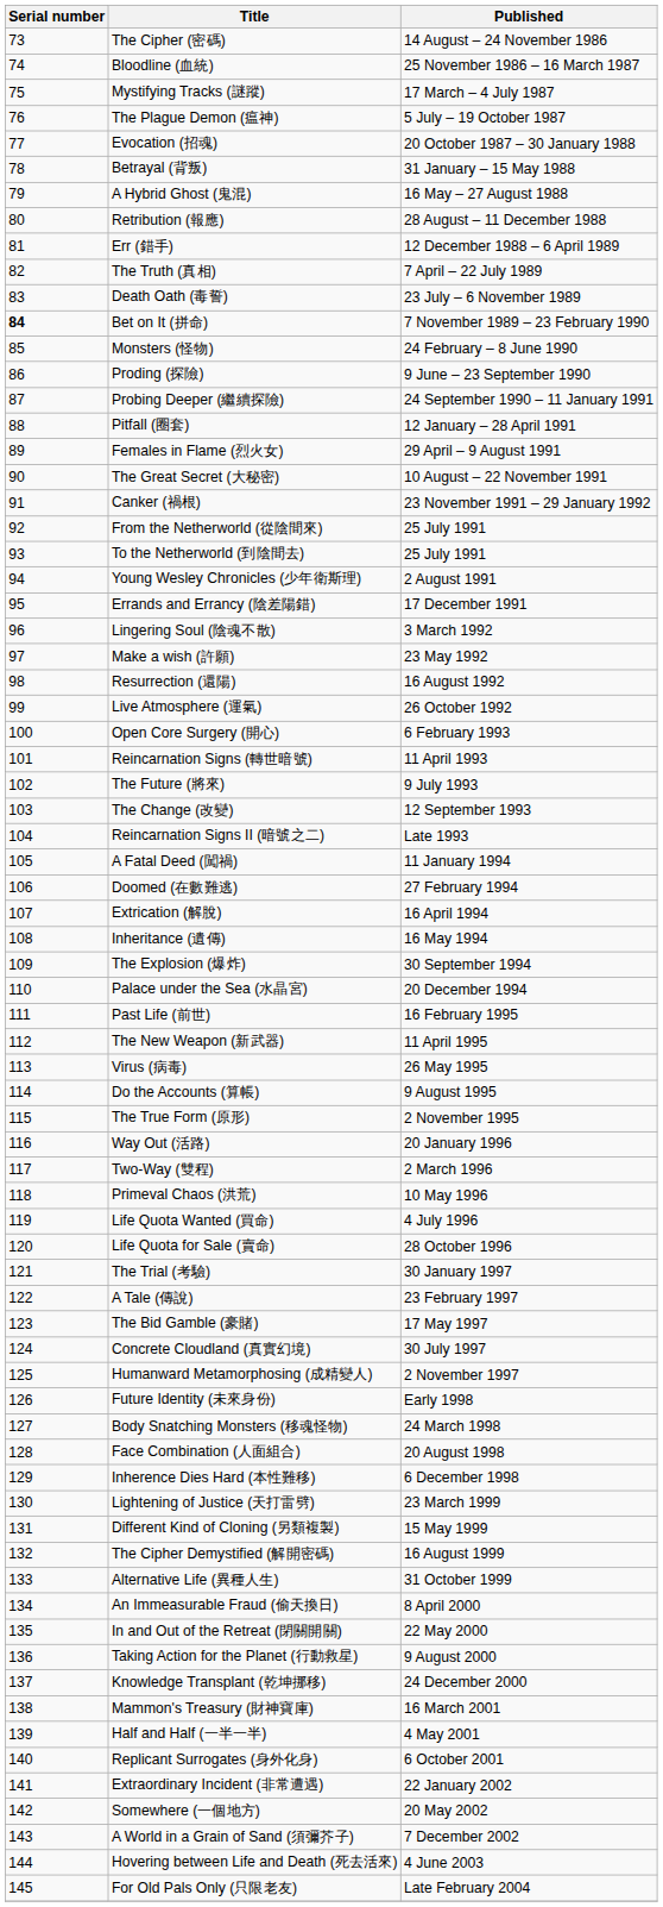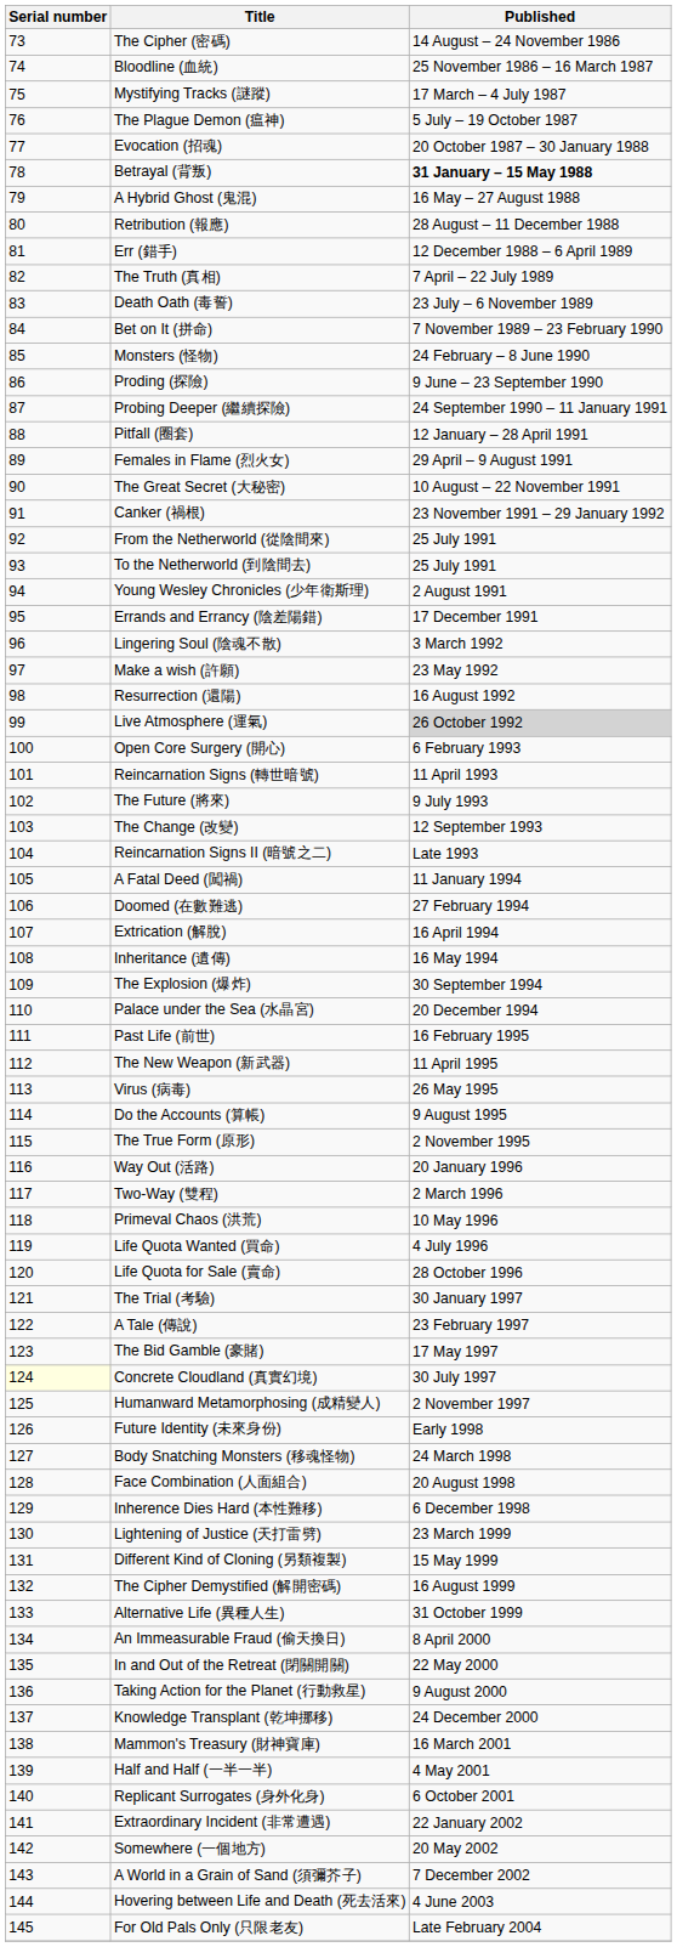 <table class="wikitable">
 <tr>
 <th>Serial number</th>
 <th>Title</th>
 <th>Published</th>
 </tr>
 <tr>
 <td>73</td>
 <td>The Cipher (密碼)</td>
 <td>14 August – 24 November 1986</td>
 </tr>
 <tr>
 <td>74</td>
 <td>Bloodline (血統)</td>
 <td>25 November 1986 – 16 March 1987</td>
 </tr>
 <tr>
 <td>75</td>
 <td>Mystifying Tracks (謎蹤)</td>
 <td>17 March – 4 July 1987</td>
 </tr>
 <tr>
 <td>76</td>
 <td>The Plague Demon (瘟神)</td>
 <td>5 July – 19 October 1987</td>
 </tr>
 <tr>
 <td>77</td>
 <td>Evocation (招魂)</td>
 <td>20 October 1987 – 30 January 1988</td>
 </tr>
 <tr>
 <td>78</td>
 <td>Betrayal (背叛)</td>
-<td>31 January – 15 May 1988</td>
+<td><strong>31 January – 15 May 1988</strong></td>
 </tr>
 <tr>
 <td>79</td>
 <td>A Hybrid Ghost (鬼混)</td>
 <td>16 May – 27 August 1988</td>
 </tr>
 <tr>
 <td>80</td>
 <td>Retribution (報應)</td>
 <td>28 August – 11 December 1988</td>
 </tr>
 <tr>
 <td>81</td>
 <td>Err (錯手)</td>
 <td>12 December 1988 – 6 April 1989</td>
 </tr>
 <tr>
 <td>82</td>
 <td>The Truth (真相)</td>
 <td>7 April – 22 July 1989</td>
 </tr>
 <tr>
 <td>83</td>
 <td>Death Oath (毒誓)</td>
 <td>23 July – 6 November 1989</td>
 </tr>
 <tr>
-<td><strong>84</strong></td>
+<td>84</td>
 <td>Bet on It (拼命)</td>
 <td>7 November 1989 – 23 February 1990</td>
 </tr>
 <tr>
 <td>85</td>
 <td>Monsters (怪物)</td>
 <td>24 February – 8 June 1990</td>
 </tr>
 <tr>
 <td>86</td>
 <td>Proding (探險)</td>
 <td>9 June – 23 September 1990</td>
 </tr>
 <tr>
 <td>87</td>
 <td>Probing Deeper (繼續探險)</td>
 <td>24 September 1990 – 11 January 1991</td>
 </tr>
 <tr>
 <td>88</td>
 <td>Pitfall (圈套)</td>
 <td>12 January – 28 April 1991</td>
 </tr>
 <tr>
 <td>89</td>
 <td>Females in Flame (烈火女)</td>
 <td>29 April – 9 August 1991</td>
 </tr>
 <tr>
 <td>90</td>
 <td>The Great Secret (大秘密)</td>
 <td>10 August – 22 November 1991</td>
 </tr>
 <tr>
 <td>91</td>
 <td>Canker (禍根)</td>
 <td>23 November 1991 – 29 January 1992</td>
 </tr>
 <tr>
 <td>92</td>
 <td>From the Netherworld (從陰間來)</td>
 <td>25 July 1991</td>
 </tr>
 <tr>
 <td>93</td>
 <td>To the Netherworld (到陰間去)</td>
 <td>25 July 1991</td>
 </tr>
 <tr>
 <td>94</td>
 <td>Young Wesley Chronicles (少年衛斯理)</td>
 <td>2 August 1991</td>
 </tr>
 <tr>
 <td>95</td>
 <td>Errands and Errancy (陰差陽錯)</td>
 <td>17 December 1991</td>
 </tr>
 <tr>
 <td>96</td>
 <td>Lingering Soul (陰魂不散)</td>
 <td>3 March 1992</td>
 </tr>
 <tr>
 <td>97</td>
 <td>Make a wish (許願)</td>
 <td>23 May 1992</td>
 </tr>
 <tr>
 <td>98</td>
 <td>Resurrection (還陽)</td>
 <td>16 August 1992</td>
 </tr>
 <tr>
 <td>99</td>
 <td>Live Atmosphere (運氣)</td>
-<td>26 October 1992</td>
+<td style="background: lightgrey;">26 October 1992</td>
 </tr>
 <tr>
 <td>100</td>
 <td>Open Core Surgery (開心)</td>
 <td>6 February 1993</td>
 </tr>
 <tr>
 <td>101</td>
 <td>Reincarnation Signs (轉世暗號)</td>
 <td>11 April 1993</td>
 </tr>
 <tr>
 <td>102</td>
 <td>The Future (將來)</td>
 <td>9 July 1993</td>
 </tr>
 <tr>
 <td>103</td>
 <td>The Change (改變)</td>
 <td>12 September 1993</td>
 </tr>
 <tr>
 <td>104</td>
 <td>Reincarnation Signs II (暗號之二)</td>
 <td>Late 1993</td>
 </tr>
 <tr>
 <td>105</td>
 <td>A Fatal Deed (闖禍)</td>
 <td>11 January 1994</td>
 </tr>
 <tr>
 <td>106</td>
 <td>Doomed  (在數難逃)</td>
 <td>27 February 1994</td>
 </tr>
 <tr>
 <td>107</td>
 <td>Extrication (解脫)</td>
 <td>16 April 1994</td>
 </tr>
 <tr>
 <td>108</td>
 <td>Inheritance (遺傳)</td>
 <td>16 May 1994</td>
 </tr>
 <tr>
 <td>109</td>
 <td>The Explosion (爆炸)</td>
 <td>30 September 1994</td>
 </tr>
 <tr>
 <td>110</td>
 <td>Palace under the Sea (水晶宮)</td>
 <td>20 December 1994</td>
 </tr>
 <tr>
 <td>111</td>
 <td>Past Life (前世)</td>
 <td>16 February 1995</td>
 </tr>
 <tr>
 <td>112</td>
 <td>The New Weapon  (新武器)</td>
 <td>11 April 1995</td>
 </tr>
 <tr>
 <td>113</td>
 <td>Virus (病毒)</td>
 <td>26 May 1995</td>
 </tr>
 <tr>
 <td>114</td>
 <td>Do the Accounts (算帳)</td>
 <td>9 August 1995</td>
 </tr>
 <tr>
 <td>115</td>
 <td>The True Form (原形)</td>
 <td>2 November 1995</td>
 </tr>
 <tr>
 <td>116</td>
 <td>Way Out (活路)</td>
 <td>20 January 1996</td>
 </tr>
 <tr>
 <td>117</td>
 <td>Two-Way (雙程)</td>
 <td>2 March 1996</td>
 </tr>
 <tr>
 <td>118</td>
 <td>Primeval Chaos (洪荒)</td>
 <td>10 May 1996</td>
 </tr>
 <tr>
 <td>119</td>
 <td>Life Quota Wanted (買命)</td>
 <td>4 July 1996</td>
 </tr>
 <tr>
 <td>120</td>
 <td>Life Quota for Sale (賣命)</td>
 <td>28 October 1996</td>
 </tr>
 <tr>
 <td>121</td>
 <td>The Trial (考驗)</td>
 <td>30 January 1997</td>
 </tr>
 <tr>
 <td>122</td>
 <td>A Tale (傳說)</td>
 <td>23 February 1997</td>
 </tr>
 <tr>
 <td>123</td>
 <td>The Bid Gamble (豪賭)</td>
 <td>17 May 1997</td>
 </tr>
 <tr>
-<td>124</td>
+<td style="background: lightyellow;">124</td>
 <td>Concrete Cloudland (真實幻境)</td>
 <td>30 July 1997</td>
 </tr>
 <tr>
 <td>125</td>
 <td>Humanward Metamorphosing (成精變人)</td>
 <td>2 November 1997</td>
 </tr>
 <tr>
 <td>126</td>
 <td>Future Identity (未來身份)</td>
 <td>Early 1998</td>
 </tr>
 <tr>
 <td>127</td>
 <td>Body Snatching Monsters (移魂怪物)</td>
 <td>24 March 1998</td>
 </tr>
 <tr>
 <td>128</td>
 <td>Face Combination (人面組合)</td>
 <td>20 August 1998</td>
 </tr>
 <tr>
 <td>129</td>
 <td>Inherence Dies Hard (本性難移)</td>
 <td>6 December 1998</td>
 </tr>
 <tr>
 <td>130</td>
 <td>Lightening of Justice (天打雷劈)</td>
 <td>23 March 1999</td>
 </tr>
 <tr>
 <td>131</td>
 <td>Different Kind of Cloning (另類複製)</td>
 <td>15 May 1999</td>
 </tr>
 <tr>
 <td>132</td>
 <td>The Cipher Demystified (解開密碼)</td>
 <td>16 August 1999</td>
 </tr>
 <tr>
 <td>133</td>
 <td>Alternative Life (異種人生)</td>
 <td>31 October 1999</td>
 </tr>
 <tr>
 <td>134</td>
 <td>An Immeasurable Fraud (偷天換日)</td>
 <td>8 April 2000</td>
 </tr>
 <tr>
 <td>135</td>
 <td>In and Out of the Retreat (閉關開關)</td>
 <td>22 May 2000</td>
 </tr>
 <tr>
 <td>136</td>
 <td>Taking Action for the Planet (行動救星)</td>
 <td>9 August 2000</td>
 </tr>
 <tr>
 <td>137</td>
 <td>Knowledge Transplant (乾坤挪移)</td>
 <td>24 December 2000</td>
 </tr>
 <tr>
 <td>138</td>
 <td>Mammon's Treasury (財神寶庫)</td>
 <td>16 March 2001</td>
 </tr>
 <tr>
 <td>139</td>
 <td>Half and Half (一半一半)</td>
 <td>4 May 2001</td>
 </tr>
 <tr>
 <td>140</td>
 <td>Replicant Surrogates (身外化身)</td>
 <td>6 October 2001</td>
 </tr>
 <tr>
 <td>141</td>
 <td>Extraordinary Incident (非常遭遇)</td>
 <td>22 January 2002</td>
 </tr>
 <tr>
 <td>142</td>
 <td>Somewhere (一個地方)</td>
 <td>20 May 2002</td>
 </tr>
 <tr>
 <td>143</td>
 <td>A World in a Grain of Sand (須彌芥子)</td>
 <td>7 December 2002</td>
 </tr>
 <tr>
 <td>144</td>
 <td>Hovering between Life and Death (死去活來)</td>
 <td>4 June 2003</td>
 </tr>
 <tr>
 <td>145</td>
 <td>For Old Pals Only  (只限老友)</td>
 <td>Late February 2004</td>
 </tr>
 <tr>
 </tr>
 </table>
